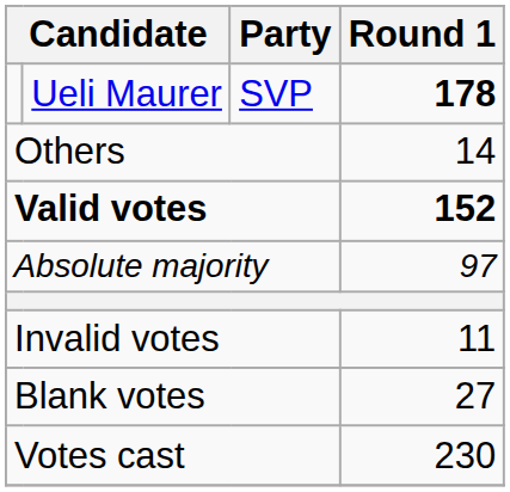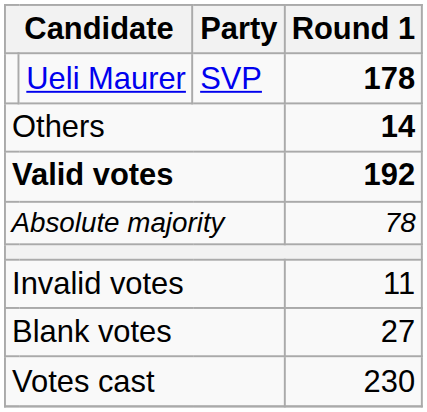 <table class="wikitable" style="text-align:right;">
 <tr>
 <th colspan=2>Candidate</th>
 <th>Party</th>
 <th>Round 1</th>
 </tr>
 <tr>
 <td style="background-color:"></td>
 <td style="text-align:left;"><a href='#'>Ueli Maurer</a></td>
 <td style="text-align:left;"><a href='#'>SVP</a></td>
 <td><strong>178</strong></td>
 </tr>
 <tr>
 <td colspan=3 style="text-align:left;">Others</td>
-<td>14</td>
+<td><strong>14</strong></td>
 </tr>
 <tr style="font-weight:bold;">
 <td colspan=3 style="text-align:left;">Valid votes</td>
-<td>152</td>
+<td>192</td>
 </tr>
 <tr style="font-style:italic; font-size:90%;">
 <td colspan=3 style="text-align:left;">Absolute majority</td>
-<td>97</td>
+<td>78</td>
 </tr>
 <tr>
 <th colspan=10></th>
 </tr>
 <tr>
 <td colspan=3 style="text-align:left;">Invalid votes</td>
 <td>11</td>
 </tr>
 <tr>
 <td colspan=3 style="text-align:left;">Blank votes</td>
 <td>27</td>
 </tr>
 <tr>
 <td colspan=3 style="text-align:left;">Votes cast</td>
 <td>230</td>
 </tr>
 <tr>
 </tr>
 </table>
